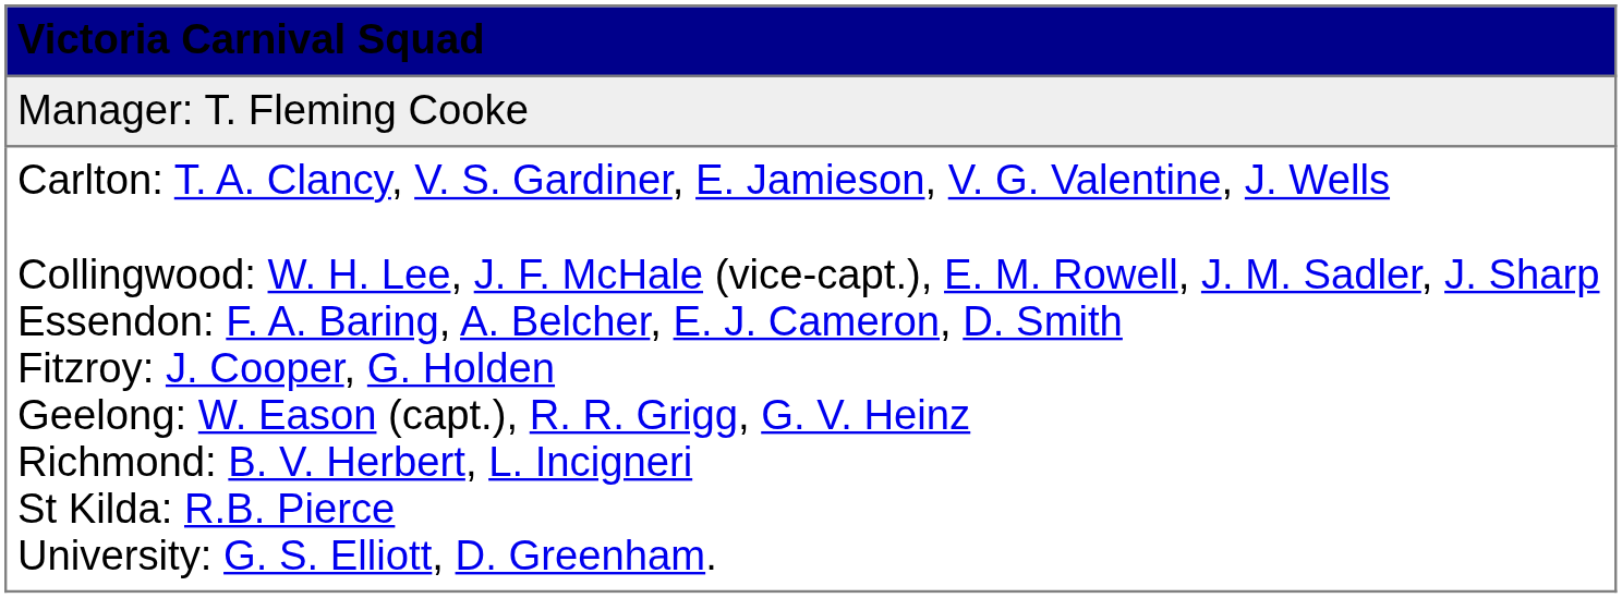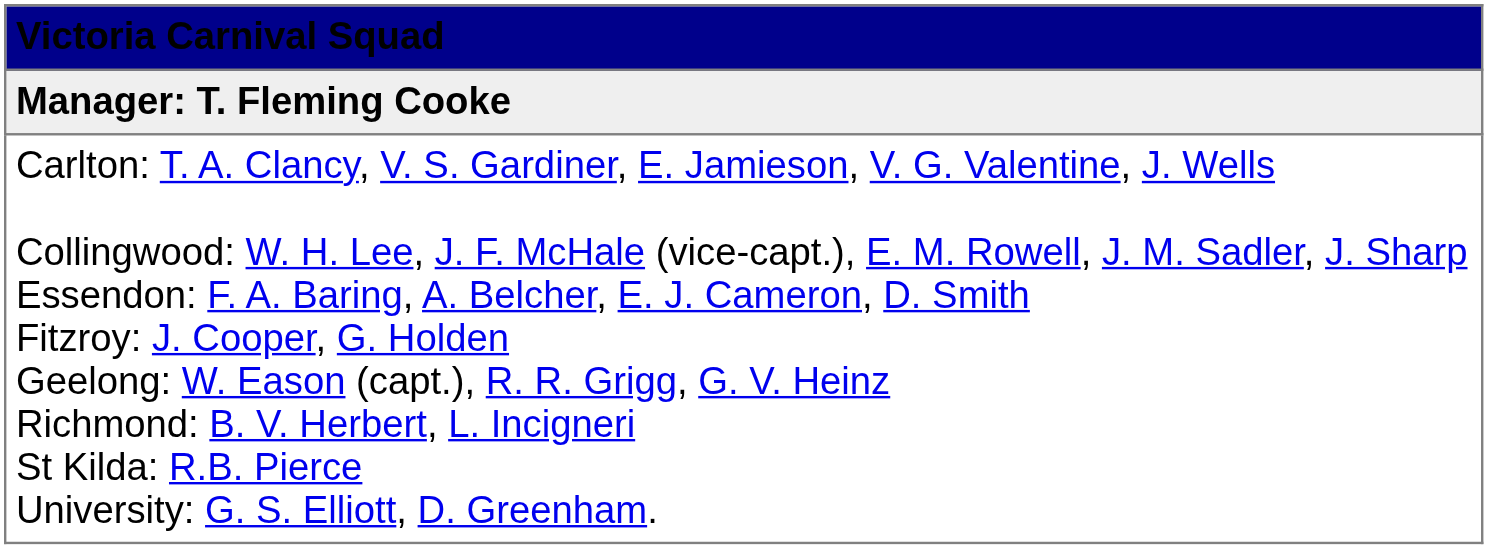 <table border="1" cellpadding="4" cellspacing="0" style="text-align:left; font-size:100%; border-collapse:collapse;" width=70%>
 <tr style="background:darkblue;">
 <th colspan=2><span>Victoria Carnival Squad</span></th>
 </tr>
 <tr bgcolor="#efefef">
-<td>Manager: T. Fleming Cooke</td>
+<td><strong>Manager: T. Fleming Cooke</strong></td>
 </tr>
 <tr>
 <td>Carlton: <a href='#'>T. A. Clancy</a>, <a href='#'>V. S. Gardiner</a>, <a href='#'>E. Jamieson</a>, <a href='#'>V. G. Valentine</a>, <a href='#'>J. Wells</a><br><br>Collingwood: <a href='#'>W. H. Lee</a>, <a href='#'>J. F. McHale</a> (vice-capt.), <a href='#'>E. M. Rowell</a>, <a href='#'>J. M. Sadler</a>, <a href='#'>J. Sharp</a><br> Essendon: <a href='#'>F. A. Baring</a>, <a href='#'>A. Belcher</a>, <a href='#'>E. J. Cameron</a>, <a href='#'>D. Smith</a><br> Fitzroy: <a href='#'>J. Cooper</a>, <a href='#'>G. Holden</a><br> Geelong: <a href='#'>W. Eason</a> (capt.), <a href='#'>R. R. Grigg</a>, <a href='#'>G. V. Heinz</a><br> Richmond: <a href='#'>B. V. Herbert</a>, <a href='#'>L. Incigneri</a><br> St Kilda: <a href='#'>R.B. Pierce</a><br> University: <a href='#'>G. S. Elliott</a>, <a href='#'>D. Greenham</a>.</td>
 </tr>
 </table>
